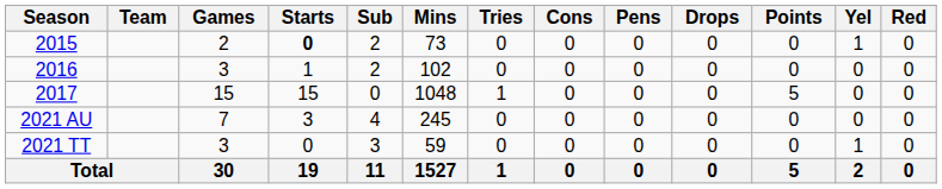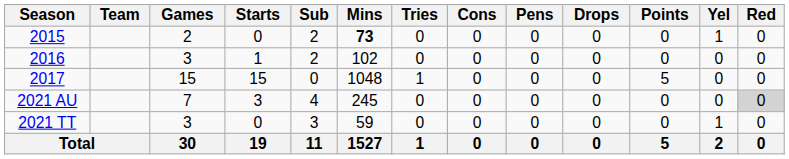 <table class="wikitable" style="text-align:center; line-height:90%; font-size:95%; width:60%;">
 <tr>
 <th>Season</th>
 <th>Team</th>
 <th>Games</th>
 <th>Starts</th>
 <th>Sub</th>
 <th>Mins</th>
 <th>Tries</th>
 <th>Cons</th>
 <th>Pens</th>
 <th>Drops</th>
 <th>Points</th>
 <th>Yel</th>
 <th>Red</th>
 </tr>
 <tr>
 <td><a href='#'>2015</a></td>
 <td></td>
 <td>2</td>
-<td><strong>0</strong></td>
+<td>0</td>
 <td>2</td>
-<td>73</td>
+<td><strong>73</strong></td>
 <td>0</td>
 <td>0</td>
 <td>0</td>
 <td>0</td>
 <td>0</td>
 <td>1</td>
 <td>0</td>
 </tr>
 <tr>
 <td><a href='#'>2016</a></td>
 <td></td>
 <td>3</td>
 <td>1</td>
 <td>2</td>
 <td>102</td>
 <td>0</td>
 <td>0</td>
 <td>0</td>
 <td>0</td>
 <td>0</td>
 <td>0</td>
 <td>0</td>
 </tr>
 <tr>
 <td><a href='#'>2017</a></td>
 <td></td>
 <td>15</td>
 <td>15</td>
 <td>0</td>
 <td>1048</td>
 <td>1</td>
 <td>0</td>
 <td>0</td>
 <td>0</td>
 <td>5</td>
 <td>0</td>
 <td>0</td>
 </tr>
 <tr>
 <td><a href='#'>2021 AU</a></td>
 <td></td>
 <td>7</td>
 <td>3</td>
 <td>4</td>
 <td>245</td>
 <td>0</td>
 <td>0</td>
 <td>0</td>
 <td>0</td>
 <td>0</td>
 <td>0</td>
-<td>0</td>
+<td style="background: lightgrey;">0</td>
 </tr>
 <tr>
 <td><a href='#'>2021 TT</a></td>
 <td></td>
 <td>3</td>
 <td>0</td>
 <td>3</td>
 <td>59</td>
 <td>0</td>
 <td>0</td>
 <td>0</td>
 <td>0</td>
 <td>0</td>
 <td>1</td>
 <td>0</td>
 </tr>
 <tr>
 <th colspan="2">Total</th>
 <th>30</th>
 <th>19</th>
 <th>11</th>
 <th>1527</th>
 <th>1</th>
 <th>0</th>
 <th>0</th>
 <th>0</th>
 <th>5</th>
 <th>2</th>
 <th>0</th>
 </tr>
 </table>
